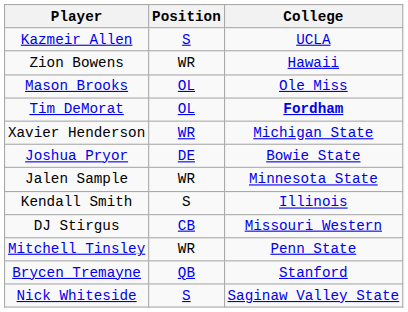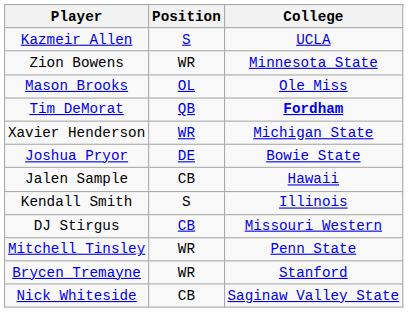 <table class="wikitable" style="text-align:center">
 <tr>
 <th>Player</th>
 <th>Position</th>
 <th>College</th>
 </tr>
 <tr>
 <td><a href='#'>Kazmeir Allen</a></td>
 <td><a href='#'>S</a></td>
 <td><a href='#'>UCLA</a></td>
 </tr>
 <tr>
 <td>Zion Bowens</td>
 <td>WR</td>
-<td><a href='#'>Hawaii</a></td>
+<td><a href='#'>Minnesota State</a></td>
 </tr>
 <tr>
 <td><a href='#'>Mason Brooks</a></td>
 <td><a href='#'>OL</a></td>
 <td><a href='#'>Ole Miss</a></td>
 </tr>
 <tr>
 <td><a href='#'>Tim DeMorat</a></td>
-<td><a href='#'>OL</a></td>
+<td><a href='#'>QB</a></td>
 <td><strong><a href='#'>Fordham</a></strong></td>
 </tr>
 <tr>
 <td>Xavier Henderson</td>
 <td><a href='#'>WR</a></td>
 <td><a href='#'>Michigan State</a></td>
 </tr>
 <tr>
 <td><a href='#'>Joshua Pryor</a></td>
 <td><a href='#'>DE</a></td>
 <td><a href='#'>Bowie State</a></td>
 </tr>
 <tr>
 <td>Jalen Sample</td>
-<td>WR</td>
-<td><a href='#'>Minnesota State</a></td>
+<td>CB</td>
+<td><a href='#'>Hawaii</a></td>
 </tr>
 <tr>
 <td>Kendall Smith</td>
 <td>S</td>
 <td><a href='#'>Illinois</a></td>
 </tr>
 <tr>
 <td>DJ Stirgus</td>
 <td><a href='#'>CB</a></td>
 <td><a href='#'>Missouri Western</a></td>
 </tr>
 <tr>
 <td><a href='#'>Mitchell Tinsley</a></td>
 <td>WR</td>
 <td><a href='#'>Penn State</a></td>
 </tr>
 <tr>
 <td><a href='#'>Brycen Tremayne</a></td>
-<td><a href='#'>QB</a></td>
+<td>WR</td>
 <td><a href='#'>Stanford</a></td>
 </tr>
 <tr>
 <td><a href='#'>Nick Whiteside</a></td>
-<td><a href='#'>S</a></td>
+<td>CB</td>
 <td><a href='#'>Saginaw Valley State</a></td>
 </tr>
 </table>
